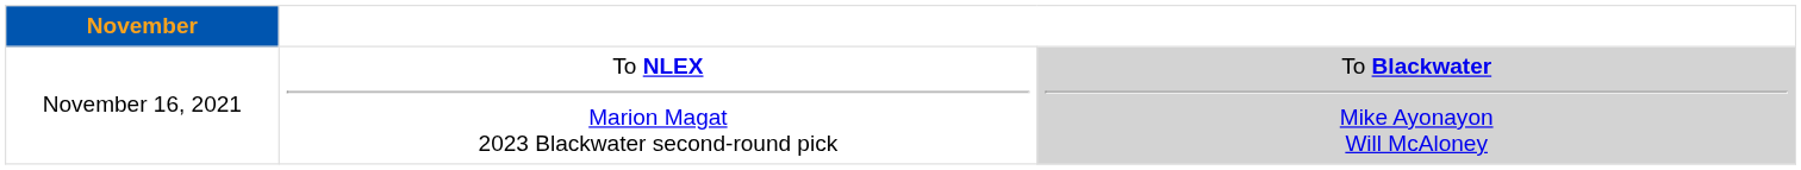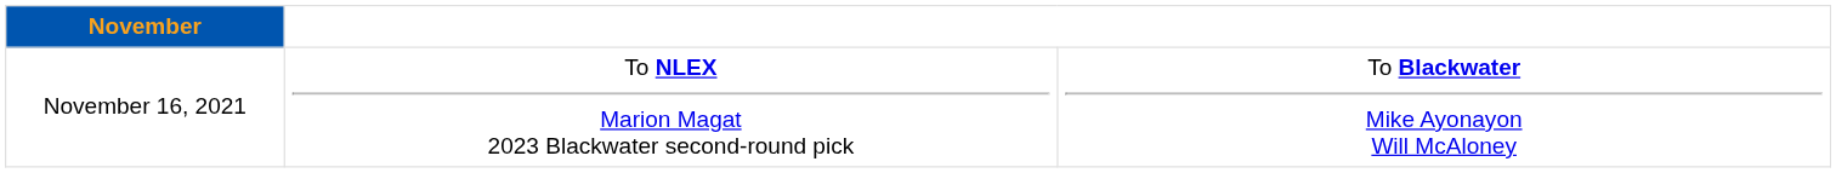 <table border=1 style="border-collapse:collapse; text-align: center; width: 100%" bordercolor="#DFDFDF"  cellpadding="5">
 <tr bgcolor="eeeeee">
 <th style="background:#0055AF; color:#F9A21D; ">November</th>
 </tr>
 <tr>
 <td style="width:12%" rowspan=2>November 16, 2021</td>
 <td style="width:33.3%" valign="top">To <strong><a href='#'>NLEX</a></strong><hr><a href='#'>Marion Magat</a><br>2023 Blackwater second-round pick</td>
-<td style="background: lightgrey; width:33.3%" valign="top">To <strong><a href='#'>Blackwater</a></strong><hr><a href='#'>Mike Ayonayon</a><br><a href='#'>Will McAloney</a></td>
+<td style="width:33.3%" valign="top">To <strong><a href='#'>Blackwater</a></strong><hr><a href='#'>Mike Ayonayon</a><br><a href='#'>Will McAloney</a></td>
 </tr>
 </table>
